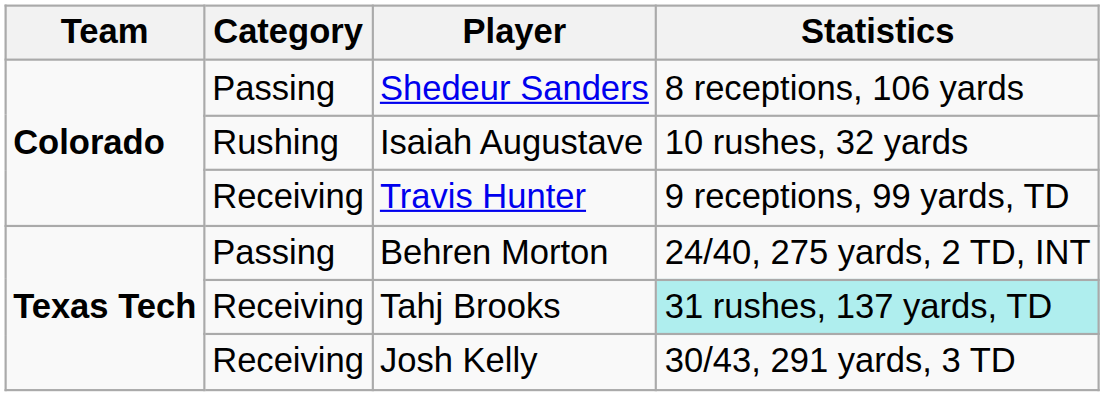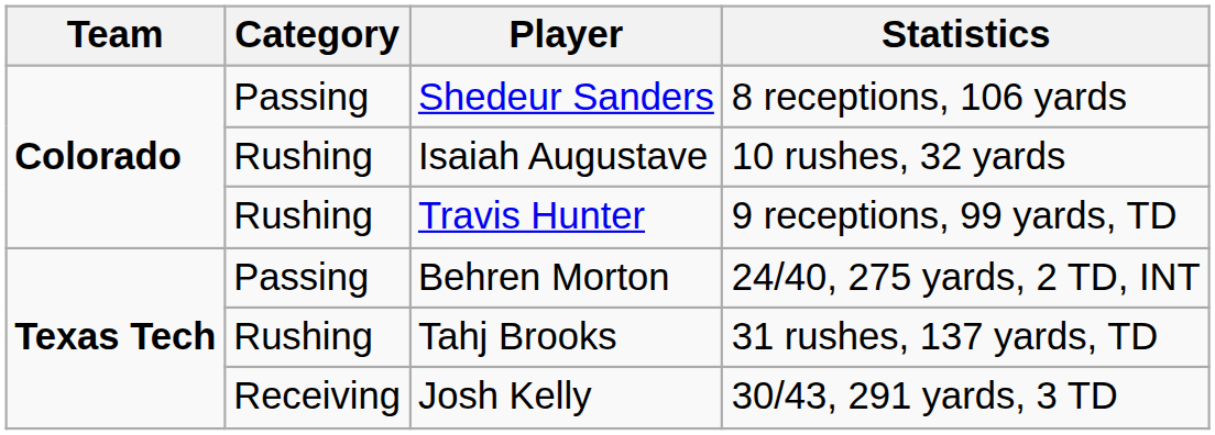 <table class="wikitable" style="float: right;">
 <tr>
 <th>Team</th>
 <th>Category</th>
 <th>Player</th>
 <th>Statistics</th>
 </tr>
 <tr>
 <td rowspan=3><strong>Colorado</strong></td>
 <td>Passing</td>
 <td><a href='#'>Shedeur Sanders</a></td>
 <td>8 receptions, 106 yards</td>
 </tr>
 <tr>
 <td>Rushing</td>
 <td>Isaiah Augustave</td>
 <td>10 rushes, 32 yards</td>
 </tr>
 <tr>
-<td>Receiving</td>
+<td>Rushing</td>
 <td><a href='#'>Travis Hunter</a></td>
 <td>9 receptions, 99 yards, TD</td>
 </tr>
 <tr>
 <td rowspan=3><strong>Texas Tech</strong></td>
 <td>Passing</td>
 <td>Behren Morton</td>
 <td>24/40, 275 yards, 2 TD, INT</td>
 </tr>
 <tr>
-<td>Receiving</td>
+<td>Rushing</td>
 <td>Tahj Brooks</td>
-<td style="background: paleturquoise;">31 rushes, 137 yards, TD</td>
+<td>31 rushes, 137 yards, TD</td>
 </tr>
 <tr>
 <td>Receiving</td>
 <td>Josh Kelly</td>
 <td>30/43, 291 yards, 3 TD</td>
 </tr>
 </table>
